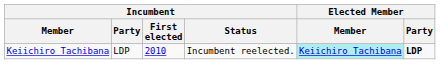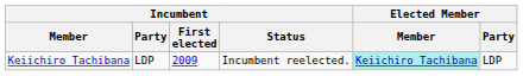 <table class="wikitable sortable">
 <tr>
 <th colspan=4>Incumbent</th>
 <th colspan=2>Elected Member</th>
 </tr>
 <tr>
 <th>Member</th>
 <th>Party</th>
 <th>First<br>elected</th>
 <th>Status</th>
 <th>Member</th>
 <th>Party</th>
 </tr>
 <tr>
 <td><a href='#'>Keiichiro Tachibana</a></td>
 <td>LDP</td>
-<td><a href='#'>2010</a></td>
+<td><a href='#'>2009</a></td>
 <td>Incumbent reelected.</td>
 <td style="background: paleturquoise;"><a href='#'>Keiichiro Tachibana</a></td>
-<td><strong>LDP</strong></td>
+<td>LDP</td>
 </tr>
 </table>
